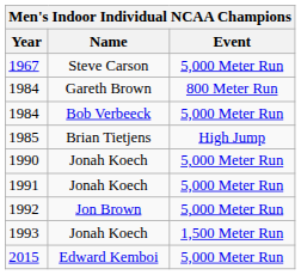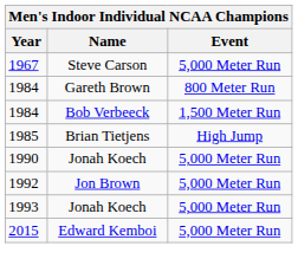 <table class="wikitable">
 <tr>
 <th colspan="3">Men's Indoor Individual NCAA Champions</th>
 </tr>
 <tr>
 <th scope="col">Year</th>
 <th scope="col">Name</th>
 <th scope="col">Event</th>
 </tr>
 <tr>
 <td><a href='#'>1967</a></td>
 <td style="text-align: center;">Steve Carson</td>
 <td style="text-align: center;"><a href='#'>5,000 Meter Run</a></td>
 </tr>
 <tr>
 <td>1984</td>
 <td style="text-align: center;">Gareth Brown</td>
 <td style="text-align: center;"><a href='#'>800 Meter Run</a></td>
 </tr>
 <tr>
 <td>1984</td>
 <td style="text-align: center;"><a href='#'>Bob Verbeeck</a></td>
-<td style="text-align: center;"><a href='#'>5,000 Meter Run</a></td>
+<td style="text-align: center;"><a href='#'>1,500 Meter Run</a></td>
 </tr>
 <tr>
 <td>1985</td>
 <td style="text-align: center;">Brian Tietjens</td>
 <td style="text-align: center;"><a href='#'>High Jump</a></td>
 </tr>
 <tr>
 <td>1990</td>
 <td style="text-align: center;">Jonah Koech</td>
 <td style="text-align: center;"><a href='#'>5,000 Meter Run</a></td>
 </tr>
 <tr>
-<td>1991</td>
-<td style="text-align: center;">Jonah Koech</td>
-<td style="text-align: center;"><a href='#'>5,000 Meter Run</a></td>
-</tr>
-<tr>
 <td>1992</td>
 <td style="text-align: center;"><a href='#'>Jon Brown</a></td>
 <td style="text-align: center;"><a href='#'>5,000 Meter Run</a></td>
 </tr>
 <tr>
 <td>1993</td>
 <td style="text-align: center;">Jonah Koech</td>
-<td style="text-align: center;"><a href='#'>1,500 Meter Run</a></td>
+<td style="text-align: center;"><a href='#'>5,000 Meter Run</a></td>
 </tr>
 <tr>
 <td><a href='#'>2015</a></td>
 <td style="text-align: center;"><a href='#'>Edward Kemboi</a></td>
 <td style="text-align: center;"><a href='#'>5,000 Meter Run</a></td>
 </tr>
 </table>
